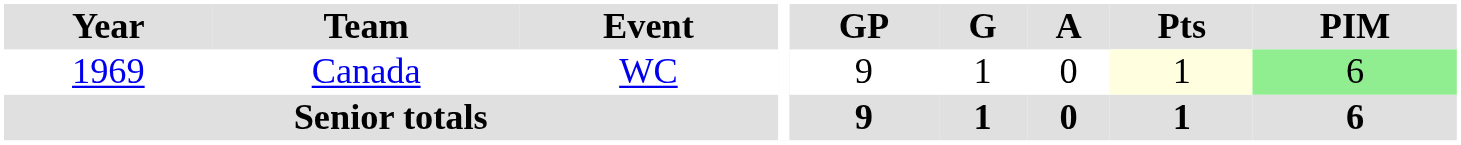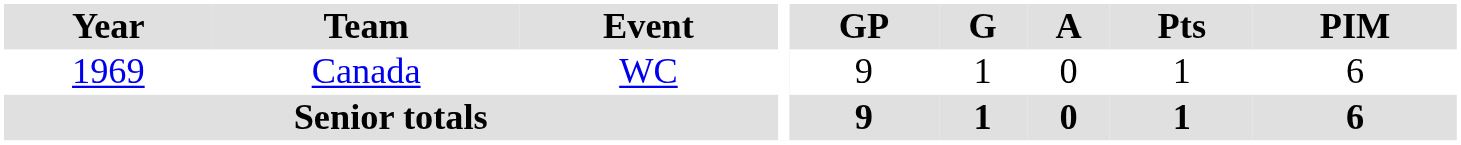 <table border="0" cellpadding="1" cellspacing="0" ID="Table3" style="text-align:center; width:40em">
 <tr bgcolor="#e0e0e0">
 <th>Year</th>
 <th>Team</th>
 <th>Event</th>
 <th rowspan="102" bgcolor="#ffffff"></th>
 <th>GP</th>
 <th>G</th>
 <th>A</th>
 <th>Pts</th>
 <th>PIM</th>
 </tr>
 <tr>
 <td><a href='#'>1969</a></td>
 <td><a href='#'>Canada</a></td>
 <td><a href='#'>WC</a></td>
 <td>9</td>
 <td>1</td>
 <td>0</td>
-<td style="background: lightyellow;">1</td>
-<td style="background: lightgreen;">6</td>
+<td>1</td>
+<td>6</td>
 </tr>
 <tr bgcolor="#e0e0e0">
 <th colspan="3">Senior totals</th>
 <th>9</th>
 <th>1</th>
 <th>0</th>
 <th>1</th>
 <th>6</th>
 </tr>
 </table>
